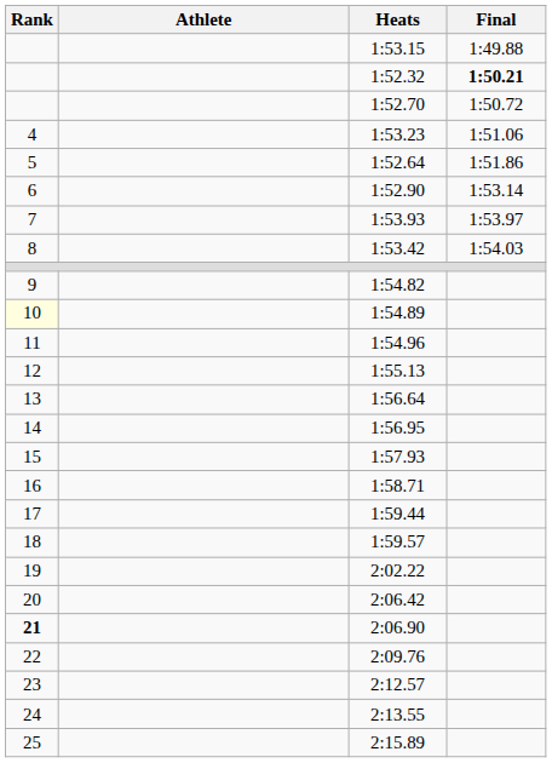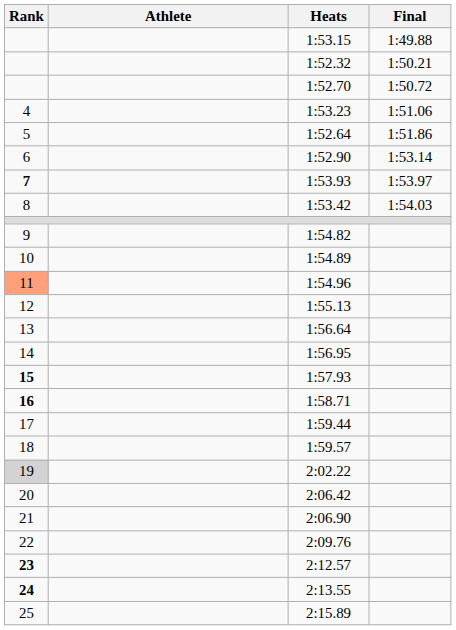 <table class=wikitable style="text-align:center">
 <tr>
 <th width=40>Rank</th>
 <th width=250>Athlete</th>
 <th width=80>Heats</th>
 <th width=80>Final</th>
 </tr>
 <tr>
 <td></td>
 <td align=left></td>
 <td>1:53.15</td>
 <td>1:49.88</td>
 </tr>
 <tr>
 <td></td>
 <td align=left></td>
 <td>1:52.32</td>
-<td><strong>1:50.21</strong></td>
+<td>1:50.21</td>
 </tr>
 <tr>
 <td></td>
 <td align=left></td>
 <td>1:52.70</td>
 <td>1:50.72</td>
 </tr>
 <tr>
 <td>4</td>
 <td align=left></td>
 <td>1:53.23</td>
 <td>1:51.06</td>
 </tr>
 <tr>
 <td>5</td>
 <td align=left></td>
 <td>1:52.64</td>
 <td>1:51.86</td>
 </tr>
 <tr>
 <td>6</td>
 <td align=left></td>
 <td>1:52.90</td>
 <td>1:53.14</td>
 </tr>
 <tr>
-<td>7</td>
+<td><strong>7</strong></td>
 <td align=left></td>
 <td>1:53.93</td>
 <td>1:53.97</td>
 </tr>
 <tr>
 <td>8</td>
 <td align=left></td>
 <td>1:53.42</td>
 <td>1:54.03</td>
 </tr>
 <tr bgcolor=#DDDDDD>
 <td colspan=4></td>
 </tr>
 <tr>
 <td>9</td>
 <td align=left></td>
 <td>1:54.82</td>
 <td></td>
 </tr>
 <tr>
-<td style="background: lightyellow;">10</td>
+<td>10</td>
 <td align=left></td>
 <td>1:54.89</td>
 <td></td>
 </tr>
 <tr>
-<td>11</td>
+<td style="background: lightsalmon;">11</td>
 <td align=left></td>
 <td>1:54.96</td>
 <td></td>
 </tr>
 <tr>
 <td>12</td>
 <td align=left></td>
 <td>1:55.13</td>
 <td></td>
 </tr>
 <tr>
 <td>13</td>
 <td align=left></td>
 <td>1:56.64</td>
 <td></td>
 </tr>
 <tr>
 <td>14</td>
 <td align=left></td>
 <td>1:56.95</td>
 <td></td>
 </tr>
 <tr>
-<td>15</td>
+<td><strong>15</strong></td>
 <td align=left></td>
 <td>1:57.93</td>
 <td></td>
 </tr>
 <tr>
-<td>16</td>
+<td><strong>16</strong></td>
 <td align=left></td>
 <td>1:58.71</td>
 <td></td>
 </tr>
 <tr>
 <td>17</td>
 <td align=left></td>
 <td>1:59.44</td>
 <td></td>
 </tr>
 <tr>
 <td>18</td>
 <td align=left></td>
 <td>1:59.57</td>
 <td></td>
 </tr>
 <tr>
-<td>19</td>
+<td style="background: lightgrey;">19</td>
 <td align=left></td>
 <td>2:02.22</td>
 <td></td>
 </tr>
 <tr>
 <td>20</td>
 <td align=left></td>
 <td>2:06.42</td>
 <td></td>
 </tr>
 <tr>
-<td><strong>21</strong></td>
+<td>21</td>
 <td align=left></td>
 <td>2:06.90</td>
 <td></td>
 </tr>
 <tr>
 <td>22</td>
 <td align=left></td>
 <td>2:09.76</td>
 <td></td>
 </tr>
 <tr>
-<td>23</td>
+<td><strong>23</strong></td>
 <td align=left></td>
 <td>2:12.57</td>
 <td></td>
 </tr>
 <tr>
-<td>24</td>
+<td><strong>24</strong></td>
 <td align=left></td>
 <td>2:13.55</td>
 <td></td>
 </tr>
 <tr>
 <td>25</td>
 <td align=left></td>
 <td>2:15.89</td>
 <td></td>
 </tr>
 </table>
